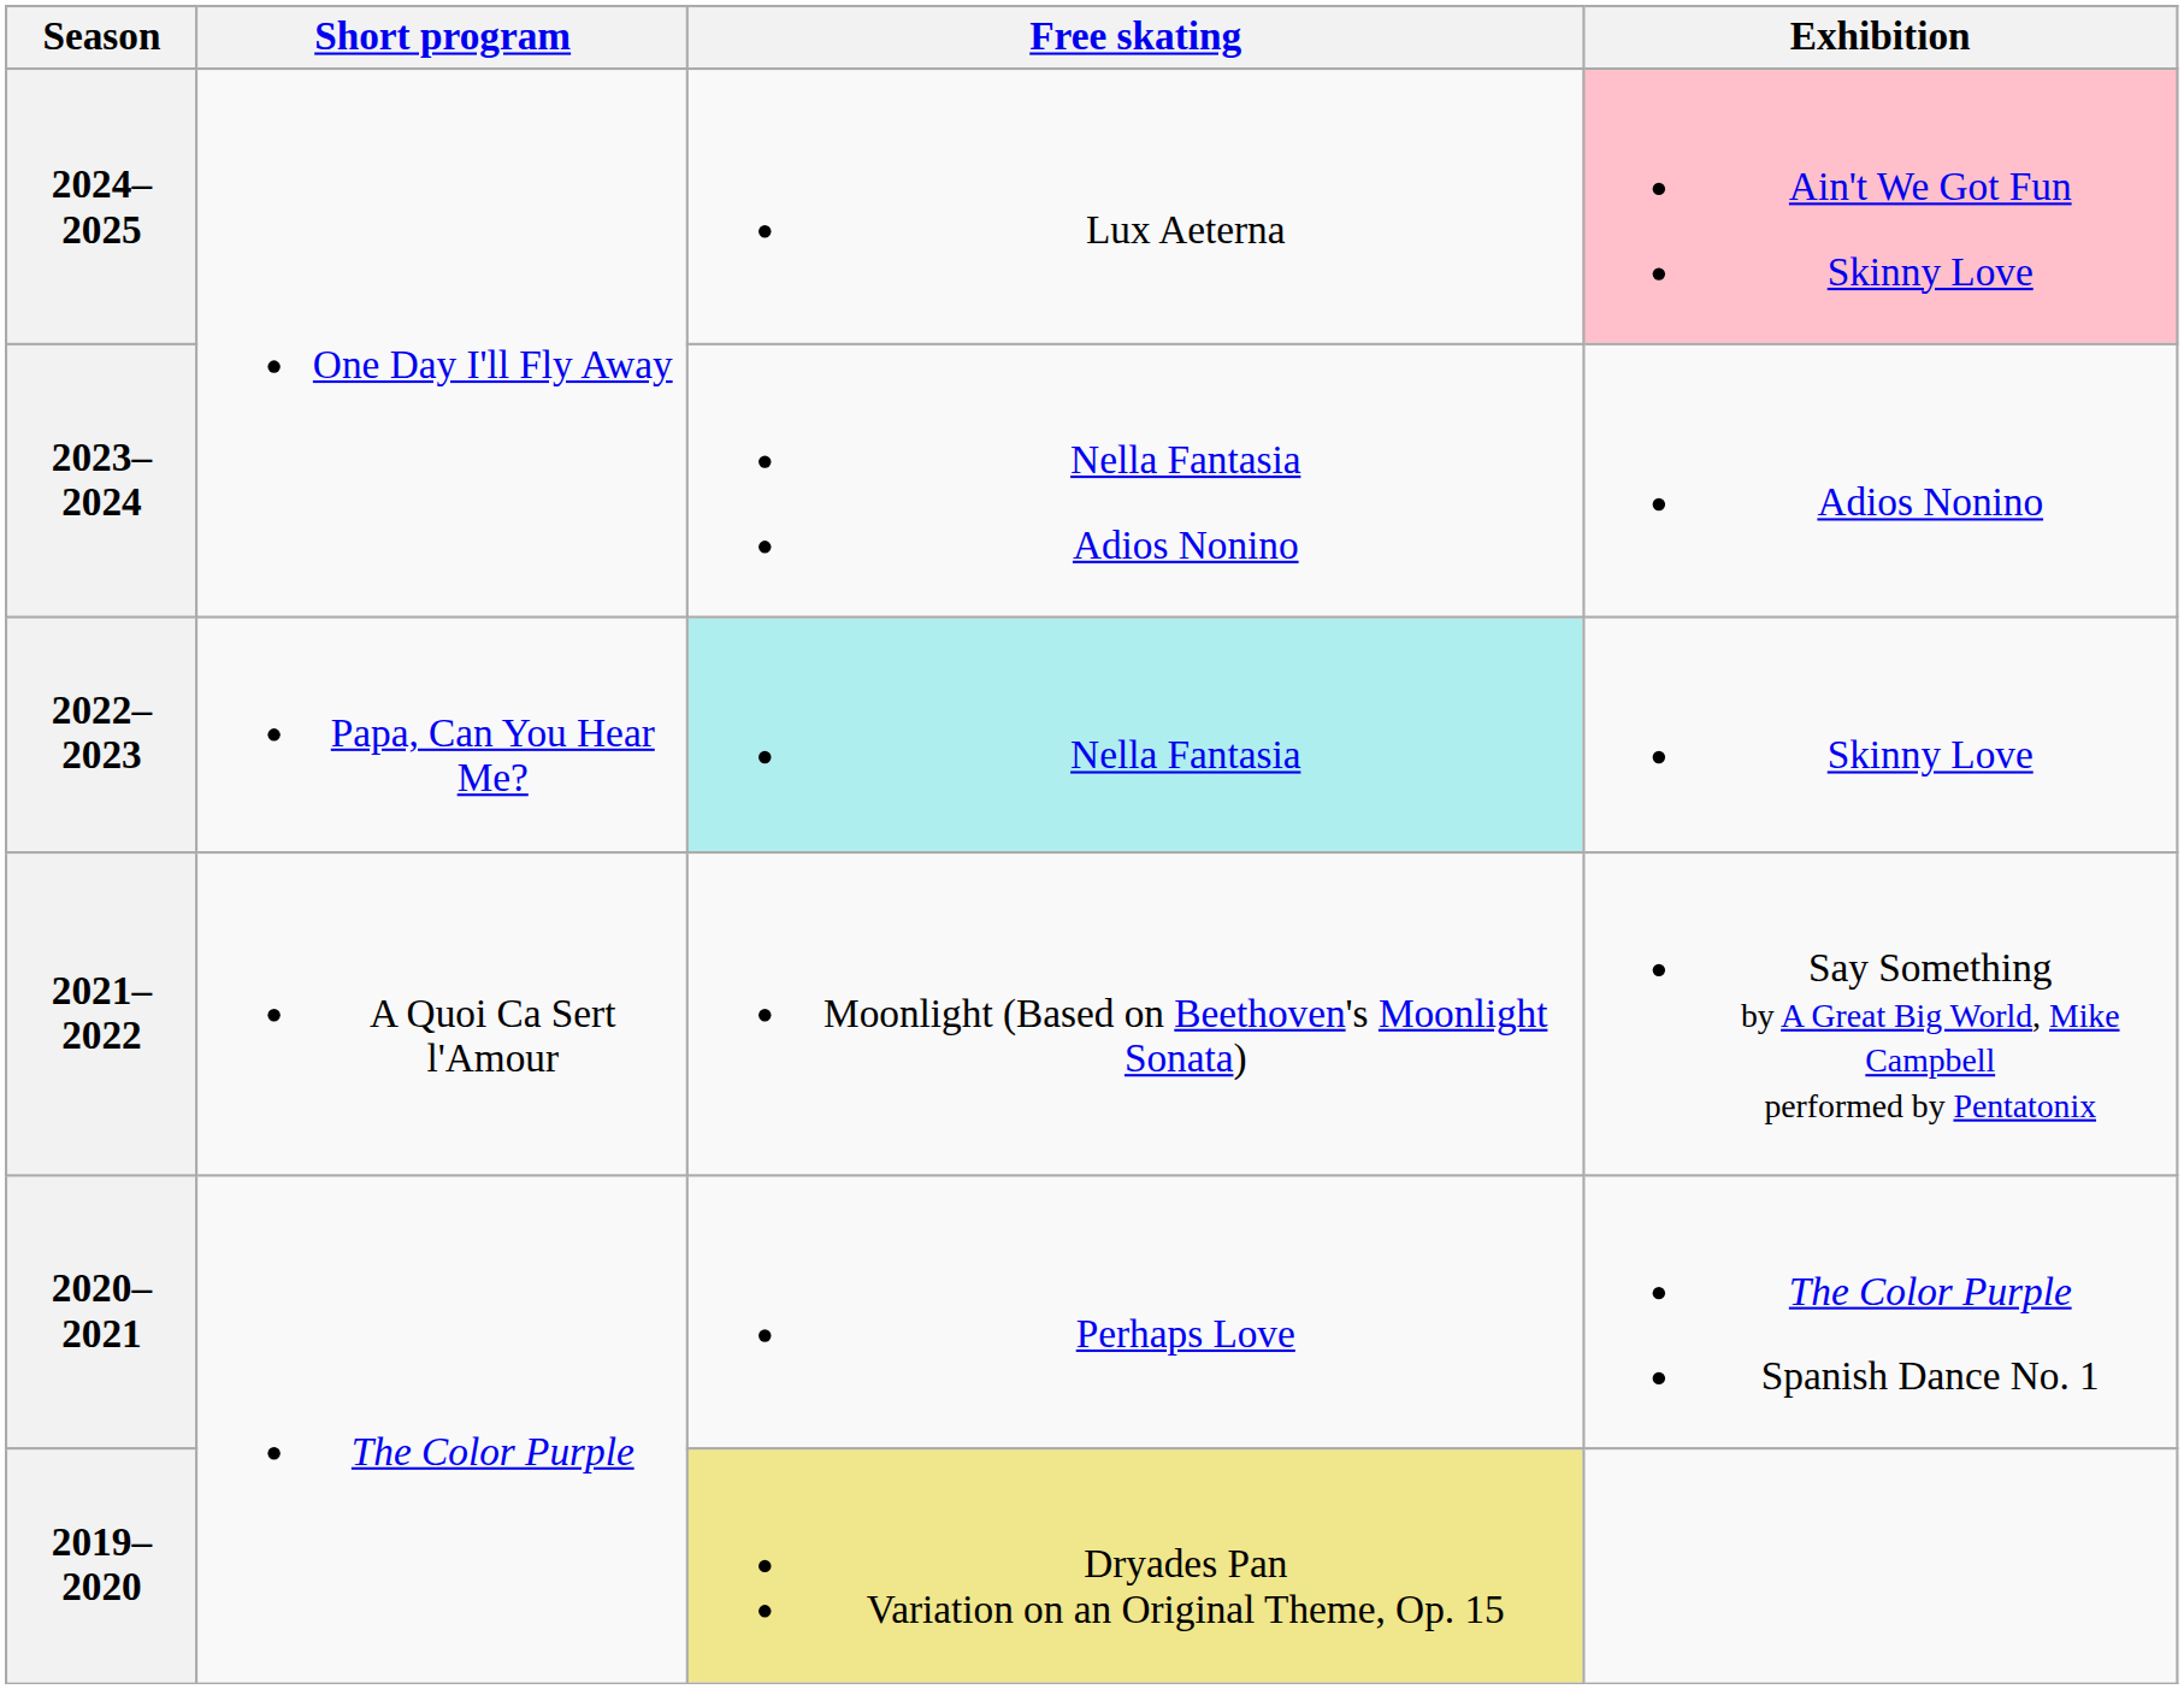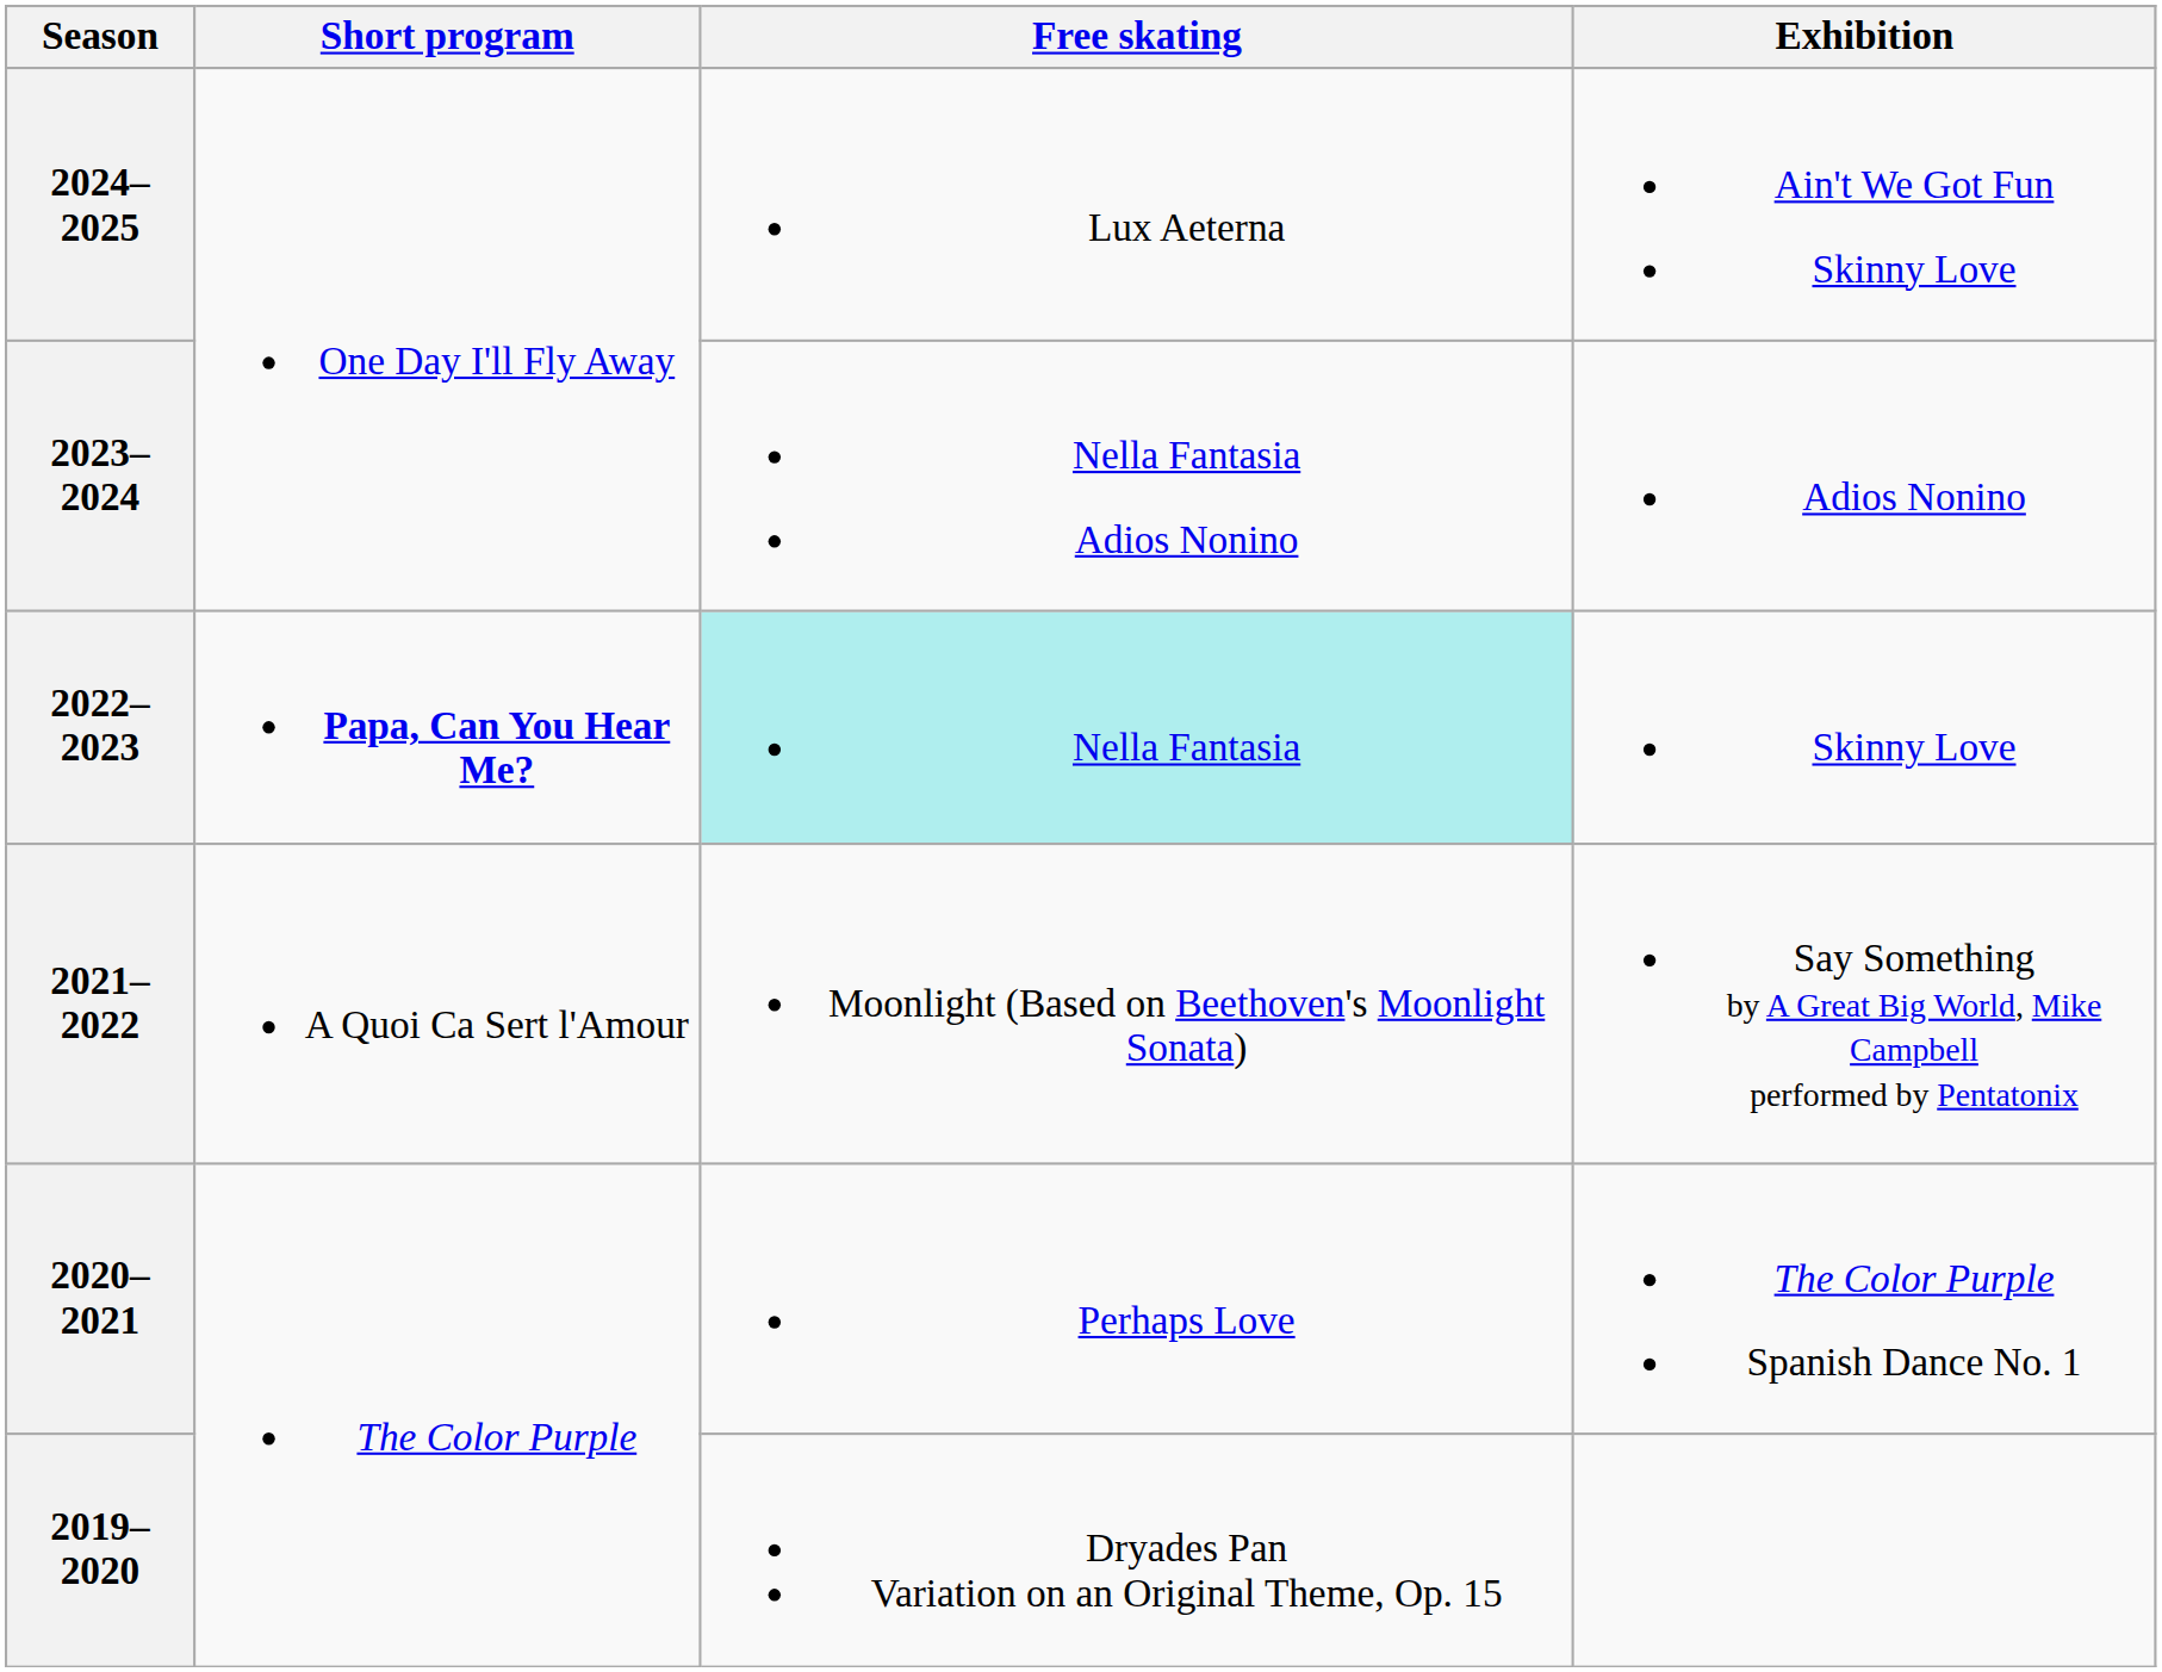 <table class="wikitable" style="text-align:center">
 <tr>
 <th>Season</th>
 <th><a href='#'>Short program</a></th>
 <th><a href='#'>Free skating</a></th>
 <th>Exhibition</th>
 </tr>
 <tr>
 <th>2024–2025 <br> </th>
 <td rowspan=2><br><ul><li><a href='#'>One Day I'll Fly Away</a> <br></li></ul></td>
 <td><br><ul><li>Lux Aeterna <br> </li></ul></td>
-<td style="background: pink;"><br><ul><li><a href='#'>Ain't We Got Fun</a> <br> </li></ul><ul><li><a href='#'>Skinny Love</a><br></li></ul></td>
+<td><br><ul><li><a href='#'>Ain't We Got Fun</a> <br> </li></ul><ul><li><a href='#'>Skinny Love</a><br></li></ul></td>
 </tr>
 <tr>
 <th>2023–2024 <br> </th>
 <td><br><ul><li><a href='#'>Nella Fantasia</a> <br> </li></ul><ul><li><a href='#'>Adios Nonino</a> <br></li></ul></td>
 <td><br><ul><li><a href='#'>Adios Nonino</a> <br></li></ul></td>
 </tr>
 <tr>
 <th>2022–2023 <br> </th>
-<td><br><ul><li><a href='#'>Papa, Can You Hear Me?</a> <br></li></ul></td>
+<td><strong><br><ul><li><a href='#'>Papa, Can You Hear Me?</a> <br></li></ul></strong></td>
 <td style="background: paleturquoise;"><br><ul><li><a href='#'>Nella Fantasia</a> <br> </li></ul></td>
 <td><br><ul><li><a href='#'>Skinny Love</a><br></li></ul></td>
 </tr>
 <tr>
 <th>2021–2022<br></th>
 <td><br><ul><li>A Quoi Ca Sert l'Amour<br></li></ul></td>
 <td><br><ul><li>Moonlight (Based on <a href='#'>Beethoven</a>'s <a href='#'>Moonlight Sonata</a>)<br></li></ul></td>
 <td><br><ul><li>Say Something<br><small>by <a href='#'>A Great Big World</a>, <a href='#'>Mike Campbell</a></small><br><small>performed by <a href='#'>Pentatonix</a></small></li></ul></td>
 </tr>
 <tr>
 <th>2020–2021<br></th>
 <td rowspan="2"><br><ul><li><em><a href='#'>The Color Purple</a></em><br></li></ul></td>
 <td><br><ul><li><a href='#'>Perhaps Love</a><br></li></ul></td>
 <td><br><ul><li><em><a href='#'>The Color Purple</a></em><br></li></ul><ul><li>Spanish Dance No. 1<br></li></ul></td>
 </tr>
 <tr>
 <th>2019–2020<br></th>
-<td style="background: khaki;"><br><ul><li>Dryades Pan<br></li><li>Variation on an Original Theme, Op. 15<br></li></ul></td>
+<td><br><ul><li>Dryades Pan<br></li><li>Variation on an Original Theme, Op. 15<br></li></ul></td>
 <td></td>
 </tr>
 </table>
